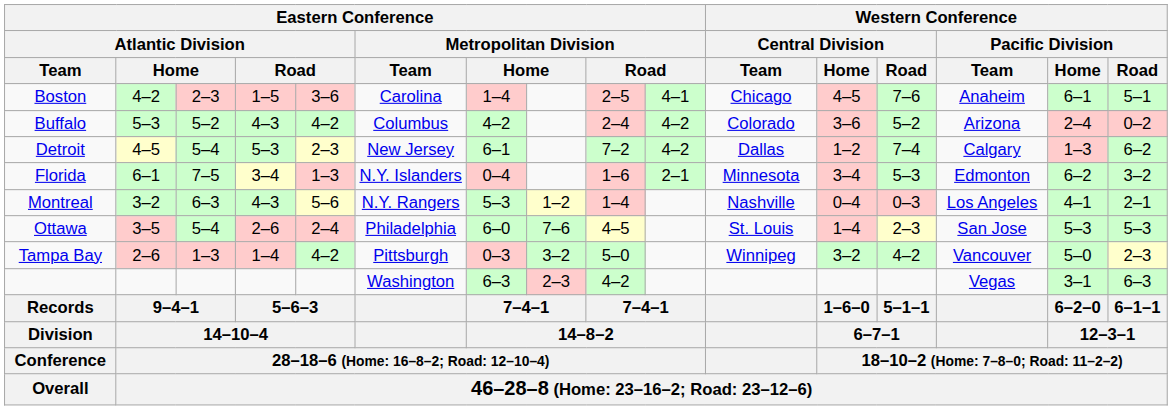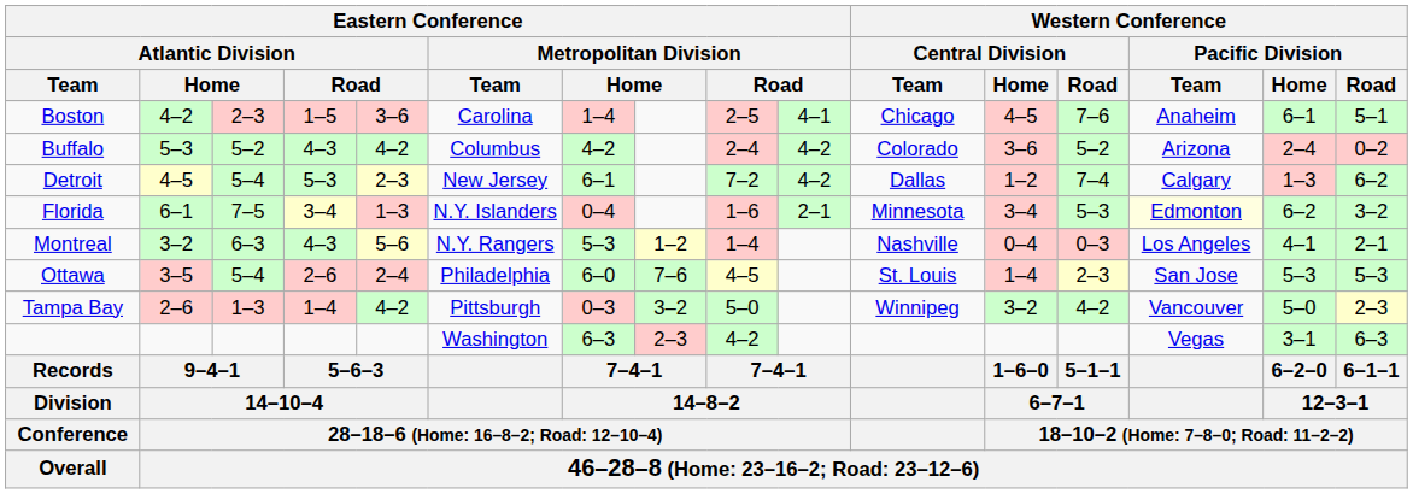 <table class="wikitable" style="text-align:center;">
 <tr>
 <th colspan="10">Eastern Conference</th>
 <th colspan="6">Western Conference</th>
 </tr>
 <tr>
 <th colspan="5">Atlantic Division</th>
 <th colspan="5">Metropolitan Division</th>
 <th colspan="3">Central Division</th>
 <th colspan="3">Pacific Division</th>
 </tr>
 <tr>
 <th colspan="1" width=100>Team</th>
 <th colspan="2" width=100>Home</th>
 <th colspan="2" width=100>Road</th>
 <th colspan="1" width=100>Team</th>
 <th colspan="2" width=100>Home</th>
 <th colspan="2" width=100>Road</th>
 <th colspan="1" width=100>Team</th>
 <th colspan="1" width=50>Home</th>
 <th colspan="1" width=50>Road</th>
 <th colspan="1" width=100>Team</th>
 <th colspan="1" width=50>Home</th>
 <th colspan="1" width=50>Road</th>
 </tr>
 <tr>
 <td><a href='#'>Boston</a></td>
 <td style="background:#cfc;" width=50>4–2</td>
 <td style="background:#fcc;" width=50>2–3</td>
 <td style="background:#fcc;" width=50>1–5</td>
 <td style="background:#fcc;" width=50>3–6</td>
 <td><a href='#'>Carolina</a></td>
 <td style="background:#fcc;" width=50>1–4</td>
 <td></td>
 <td style="background:#fcc;" width=50>2–5</td>
 <td style="background:#cfc;" width=50>4–1</td>
 <td><a href='#'>Chicago</a></td>
 <td style="background:#fcc;" width=50>4–5</td>
 <td style="background:#cfc;" width=50>7–6 </td>
 <td><a href='#'>Anaheim</a></td>
 <td style="background:#cfc;" width=50>6–1</td>
 <td style="background:#cfc;">5–1</td>
 </tr>
 <tr>
 <td><a href='#'>Buffalo</a></td>
 <td style="background:#cfc;">5–3</td>
 <td style="background:#cfc;">5–2</td>
 <td style="background:#cfc;">4–3 </td>
 <td style="background:#cfc;">4–2</td>
 <td><a href='#'>Columbus</a></td>
 <td style="background:#cfc;">4–2</td>
 <td></td>
 <td style="background:#fcc;">2–4</td>
 <td style="background:#cfc;">4–2</td>
 <td><a href='#'>Colorado</a></td>
 <td style="background:#fcc;">3–6</td>
 <td style="background:#cfc;">5–2</td>
 <td><a href='#'>Arizona</a></td>
 <td style="background:#fcc;">2–4</td>
 <td style="background:#fcc;">0–2</td>
 </tr>
 <tr>
 <td><a href='#'>Detroit</a></td>
 <td style="background:#ffc;">4–5 </td>
 <td style="background:#cfc;">5–4 </td>
 <td style="background:#cfc;">5–3</td>
 <td style="background:#ffc;">2–3 </td>
 <td><a href='#'>New Jersey</a></td>
 <td style="background:#cfc;">6–1</td>
 <td></td>
 <td style="background:#cfc;">7–2</td>
 <td style="background:#cfc;">4–2</td>
 <td><a href='#'>Dallas</a></td>
 <td style="background:#fcc;">1–2</td>
 <td style="background:#cfc;">7–4</td>
 <td><a href='#'>Calgary</a></td>
 <td style="background:#fcc;">1–3</td>
 <td style="background:#cfc;">6–2</td>
 </tr>
 <tr>
 <td><a href='#'>Florida</a></td>
 <td style="background:#cfc;">6–1</td>
 <td style="background:#cfc;">7–5</td>
 <td style="background:#ffc;">3–4 </td>
 <td style="background:#fcc;">1–3</td>
 <td><a href='#'>N.Y. Islanders</a></td>
 <td style="background:#fcc;">0–4</td>
 <td></td>
 <td style="background:#fcc;">1–6</td>
 <td style="background:#cfc;">2–1</td>
 <td><a href='#'>Minnesota</a></td>
 <td style="background:#fcc;">3–4</td>
 <td style="background:#cfc;">5–3</td>
-<td><a href='#'>Edmonton</a></td>
+<td style="background: lightyellow;"><a href='#'>Edmonton</a></td>
 <td style="background:#cfc;">6–2</td>
 <td style="background:#cfc;">3–2</td>
 </tr>
 <tr>
 <td><a href='#'>Montreal</a></td>
 <td style="background:#cfc;">3–2 </td>
 <td style="background:#cfc;">6–3</td>
 <td style="background:#cfc;">4–3 </td>
 <td style="background:#ffc;">5–6 </td>
 <td><a href='#'>N.Y. Rangers</a></td>
 <td style="background:#cfc;" width=50>5–3</td>
 <td style="background:#ffc;" width=50>1–2 </td>
 <td style="background:#fcc;">1–4</td>
 <td></td>
 <td><a href='#'>Nashville</a></td>
 <td style="background:#fcc;">0–4</td>
 <td style="background:#fcc;">0–3</td>
 <td><a href='#'>Los Angeles</a></td>
 <td style="background:#cfc;">4–1</td>
 <td style="background:#cfc;" width=50>2–1 </td>
 </tr>
 <tr>
 <td><a href='#'>Ottawa</a></td>
 <td style="background:#fcc;">3–5</td>
 <td style="background:#cfc;">5–4</td>
 <td style="background:#fcc;">2–6</td>
 <td style="background:#fcc;">2–4</td>
 <td><a href='#'>Philadelphia</a></td>
 <td style="background:#cfc;">6–0</td>
 <td style="background:#cfc;">7–6</td>
 <td style="background:#ffc;">4–5 </td>
 <td></td>
 <td><a href='#'>St. Louis</a></td>
 <td style="background:#fcc;">1–4</td>
 <td style="background:#ffc;">2–3 </td>
 <td><a href='#'>San Jose</a></td>
 <td style="background:#cfc;">5–3</td>
 <td style="background:#cfc;">5–3</td>
 </tr>
 <tr>
 <td><a href='#'>Tampa Bay</a></td>
 <td style="background:#fcc;">2–6</td>
 <td style="background:#fcc;">1–3</td>
 <td style="background:#fcc;">1–4</td>
 <td style="background:#cfc;">4–2</td>
 <td><a href='#'>Pittsburgh</a></td>
 <td style="background:#fcc;">0–3</td>
 <td style="background:#cfc;">3–2</td>
 <td style="background:#cfc;">5–0</td>
 <td></td>
 <td><a href='#'>Winnipeg</a></td>
 <td style="background:#cfc;">3–2</td>
 <td style="background:#cfc;">4–2</td>
 <td><a href='#'>Vancouver</a></td>
 <td style="background:#cfc;">5–0</td>
 <td style="background:#ffc;">2–3 </td>
 </tr>
 <tr>
 <td></td>
 <td></td>
 <td></td>
 <td></td>
 <td></td>
 <td><a href='#'>Washington</a></td>
 <td style="background:#cfc;">6–3</td>
 <td style="background:#fcc;">2–3</td>
 <td style="background:#cfc;">4–2</td>
 <td></td>
 <td></td>
 <td></td>
 <td></td>
 <td><a href='#'>Vegas</a></td>
 <td style="background:#cfc;">3–1</td>
 <td style="background:#cfc;">6–3</td>
 </tr>
 <tr>
 <th colspan="1">Records</th>
 <th colspan="2">9–4–1</th>
 <th colspan="2">5–6–3</th>
 <th colspan="1"></th>
 <th colspan="2">7–4–1</th>
 <th colspan="2">7–4–1</th>
 <th colspan="1"></th>
 <th colspan="1">1–6–0</th>
 <th colspan="1">5–1–1</th>
 <th colspan="1"></th>
 <th colspan="1">6–2–0</th>
 <th colspan="1">6–1–1</th>
 </tr>
 <tr>
 <th colspan="1">Division</th>
 <th colspan="4">14–10–4</th>
 <th colspan="1"></th>
 <th colspan="4">14–8–2</th>
 <th colspan="1"></th>
 <th colspan="2">6–7–1</th>
 <th colspan="1"></th>
 <th colspan="2">12–3–1</th>
 </tr>
 <tr>
 <th colspan="1">Conference</th>
 <th colspan="9">28–18–6 <small>(Home: 16–8–2; Road: 12–10–4)</small></th>
 <th colspan="1"></th>
 <th colspan="5">18–10–2 <small>(Home: 7–8–0; Road: 11–2–2)</small></th>
 </tr>
 <tr>
 <th colspan="1">Overall</th>
 <th colspan="15"><big>46–28–8</big> (Home: 23–16–2; Road: 23–12–6)</th>
 </tr>
 </table>
